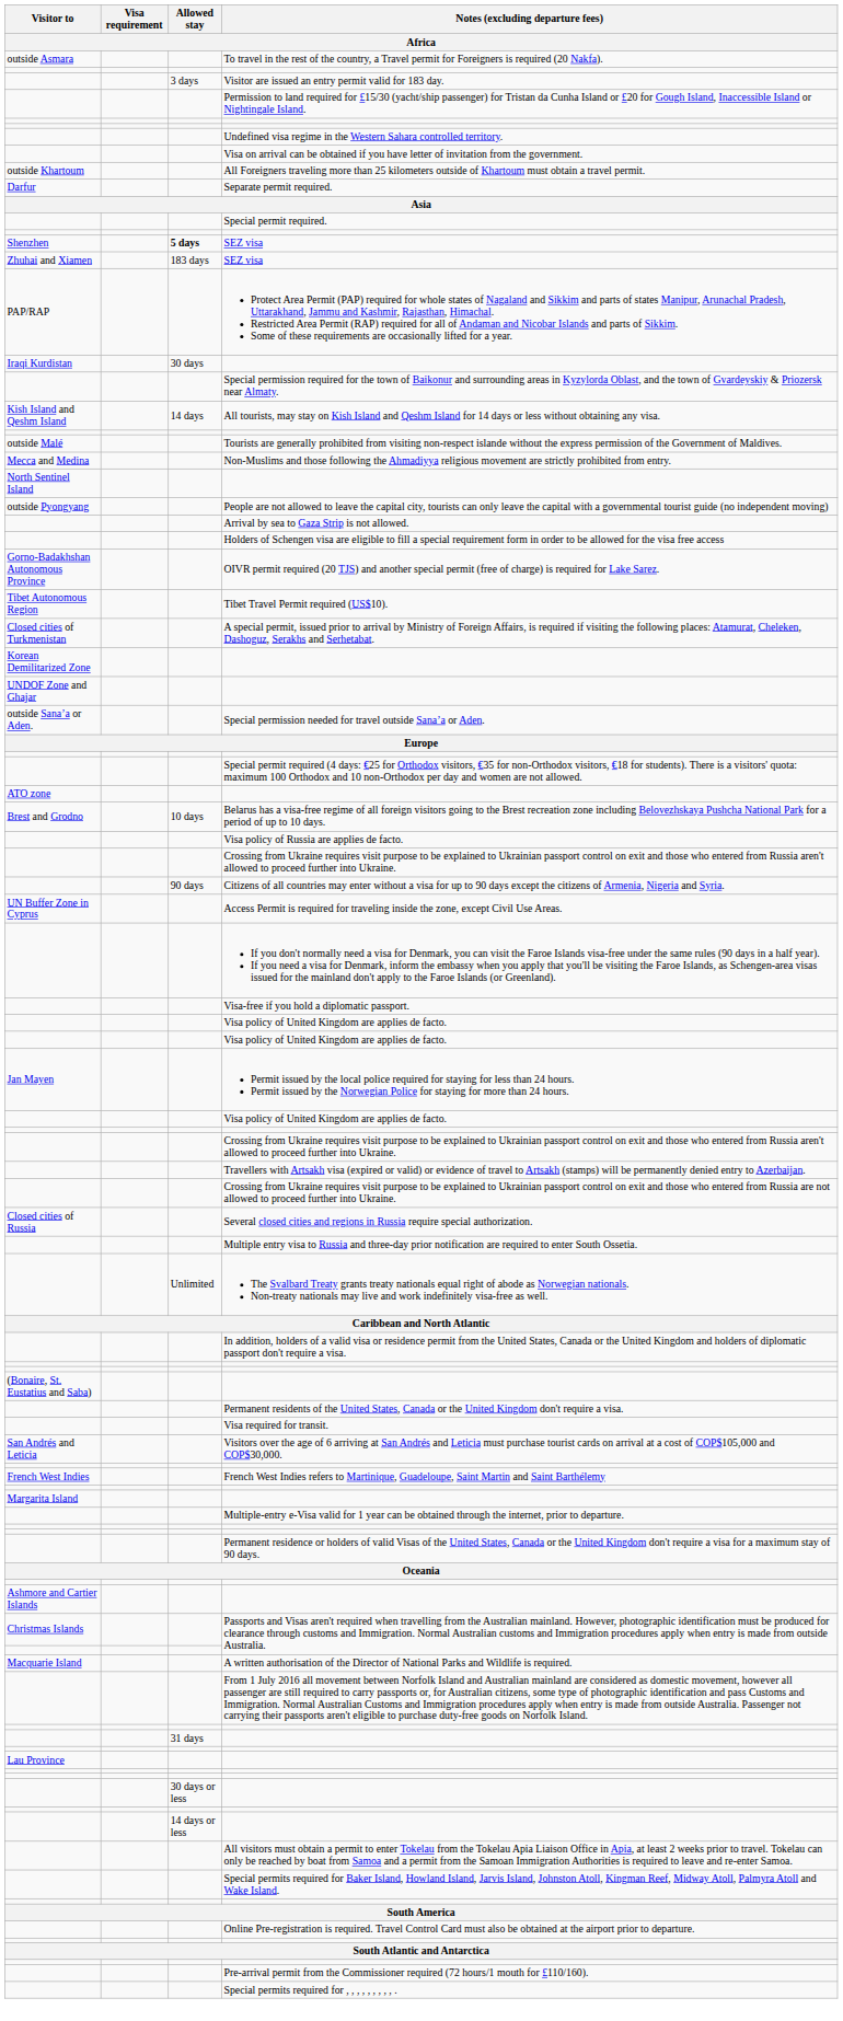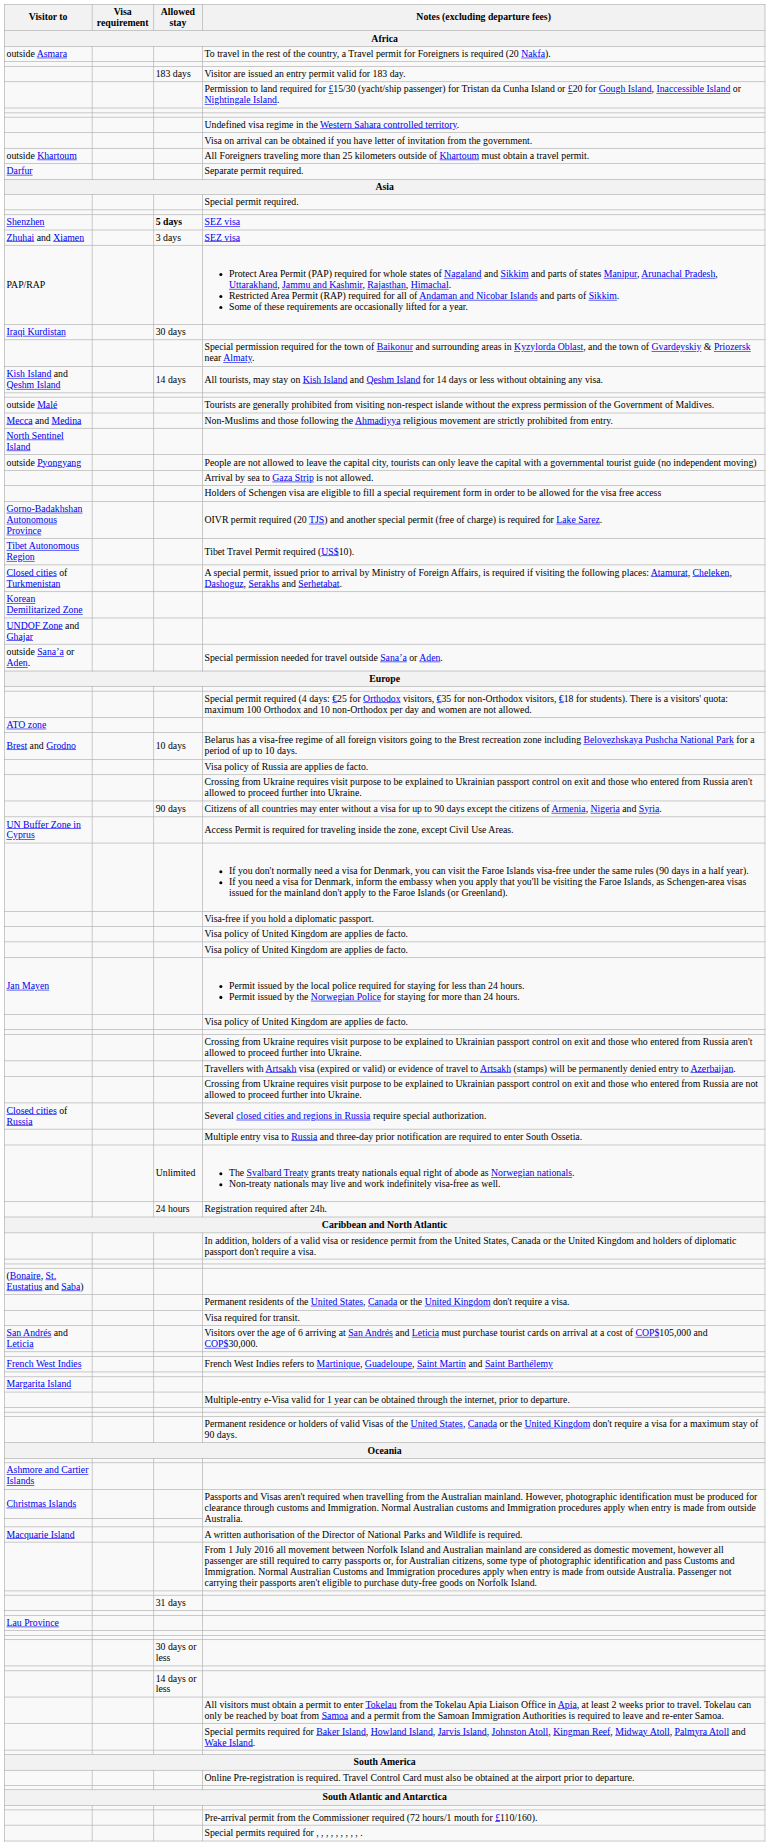 <table class="wikitable" style="text-align: left; table-layout: fixed; ">
 <tr>
 <th>Visitor to</th>
 <th>Visa requirement</th>
 <th>Allowed stay</th>
 <th>Notes (excluding departure fees)</th>
 </tr>
 <tr>
 <th colspan="4">Africa</th>
 </tr>
 <tr>
 <td> outside <a href='#'>Asmara</a></td>
 <td></td>
 <td></td>
 <td>To travel in the rest of the country, a Travel permit for Foreigners is required (20 <a href='#'>Nakfa</a>).</td>
 </tr>
 <tr>
 <td></td>
 <td></td>
 <td></td>
 <td></td>
 </tr>
 <tr>
 <td></td>
 <td></td>
-<td>3 days</td>
+<td>183 days</td>
 <td>Visitor are issued an entry permit valid for 183 day.</td>
 </tr>
 <tr>
 <td></td>
 <td></td>
 <td></td>
 <td>Permission to land required for <a href='#'>£</a>15/30 (yacht/ship passenger) for Tristan da Cunha Island or <a href='#'>£</a>20 for <a href='#'>Gough Island</a>, <a href='#'>Inaccessible Island</a> or <a href='#'>Nightingale Island</a>.</td>
 </tr>
 <tr>
 <td></td>
 <td></td>
 <td></td>
 <td></td>
 </tr>
 <tr>
 <td></td>
 <td></td>
 <td></td>
 <td></td>
 </tr>
 <tr>
 <td></td>
 <td></td>
 <td></td>
 <td>Undefined visa regime in the <a href='#'>Western Sahara controlled territory</a>.</td>
 </tr>
 <tr>
 <td></td>
 <td></td>
 <td></td>
 <td>Visa on arrival can be obtained if you have letter of invitation from the government.</td>
 </tr>
 <tr>
 <td> outside <a href='#'>Khartoum</a></td>
 <td></td>
 <td></td>
 <td>All Foreigners traveling more than 25 kilometers outside of <a href='#'>Khartoum</a> must obtain a travel permit.</td>
 </tr>
 <tr>
 <td> <a href='#'>Darfur</a></td>
 <td></td>
 <td></td>
 <td>Separate permit required.</td>
 </tr>
 <tr>
 <th colspan="4">Asia</th>
 </tr>
 <tr>
 <td></td>
 <td></td>
 <td></td>
 <td>Special permit required.</td>
 </tr>
 <tr>
 <td></td>
 <td></td>
 <td></td>
 <td></td>
 </tr>
 <tr>
 <td> <a href='#'>Shenzhen</a></td>
 <td></td>
 <td><strong>5 days</strong></td>
 <td><a href='#'>SEZ visa</a></td>
 </tr>
 <tr>
 <td> <a href='#'>Zhuhai</a> and <a href='#'>Xiamen</a></td>
 <td></td>
-<td>183 days</td>
+<td>3 days</td>
 <td><a href='#'>SEZ visa</a></td>
 </tr>
 <tr>
 <td> PAP/RAP</td>
 <td></td>
 <td></td>
 <td><br><ul><li>Protect Area Permit (PAP) required for whole states of <a href='#'>Nagaland</a> and <a href='#'>Sikkim</a> and parts of states <a href='#'>Manipur</a>, <a href='#'>Arunachal Pradesh</a>, <a href='#'>Uttarakhand</a>, <a href='#'>Jammu and Kashmir</a>, <a href='#'>Rajasthan</a>, <a href='#'>Himachal</a>.</li><li>Restricted Area Permit (RAP) required for all of <a href='#'>Andaman and Nicobar Islands</a> and parts of <a href='#'>Sikkim</a>.</li><li>Some of these requirements are occasionally lifted for a year.</li></ul></td>
 </tr>
 <tr>
 <td><a href='#'>Iraqi Kurdistan</a></td>
 <td></td>
 <td>30 days </td>
 <td></td>
 </tr>
 <tr>
 <td></td>
 <td></td>
 <td></td>
 <td>Special permission required for the town of <a href='#'>Baikonur</a> and surrounding areas in <a href='#'>Kyzylorda Oblast</a>, and the town of <a href='#'>Gvardeyskiy</a> & <a href='#'>Priozersk</a> near <a href='#'>Almaty</a>.</td>
 </tr>
 <tr>
 <td> <a href='#'>Kish Island</a> and <a href='#'>Qeshm Island</a></td>
 <td></td>
 <td>14 days</td>
 <td>All tourists, may stay on <a href='#'>Kish Island</a> and <a href='#'>Qeshm Island</a> for 14 days or less without obtaining any visa.</td>
 </tr>
 <tr>
 <td></td>
 <td></td>
 <td></td>
 <td></td>
 </tr>
 <tr>
 <td> outside <a href='#'>Malé</a></td>
 <td></td>
 <td></td>
 <td>Tourists are generally prohibited from visiting non-respect islande without the express permission of the Government of Maldives.</td>
 </tr>
 <tr>
 <td> <a href='#'>Mecca</a> and <a href='#'>Medina</a></td>
 <td></td>
 <td></td>
 <td>Non-Muslims and those following the <a href='#'>Ahmadiyya</a> religious movement are strictly prohibited from entry.</td>
 </tr>
 <tr>
 <td> <a href='#'>North Sentinel Island</a></td>
 <td></td>
 <td></td>
 <td></td>
 </tr>
 <tr>
 <td> outside <a href='#'>Pyongyang</a></td>
 <td></td>
 <td></td>
 <td>People are not allowed to leave the capital city, tourists can only leave the capital with a governmental tourist guide (no independent moving)</td>
 </tr>
 <tr>
 <td></td>
 <td></td>
 <td></td>
 <td>Arrival by sea to <a href='#'>Gaza Strip</a> is not allowed.</td>
 </tr>
 <tr>
 <td></td>
 <td></td>
 <td></td>
 <td>Holders of Schengen visa are eligible to fill a special requirement form in order to be allowed for the visa free access</td>
 </tr>
 <tr>
 <td> <a href='#'>Gorno-Badakhshan Autonomous Province</a></td>
 <td></td>
 <td></td>
 <td>OIVR permit required (20 <a href='#'>TJS</a>) and another special permit (free of charge) is required for <a href='#'>Lake Sarez</a>.</td>
 </tr>
 <tr>
 <td> <a href='#'>Tibet Autonomous Region</a></td>
 <td></td>
 <td></td>
 <td>Tibet Travel Permit required (<a href='#'>US$</a>10).</td>
 </tr>
 <tr>
 <td> <a href='#'>Closed cities</a> of <a href='#'>Turkmenistan</a></td>
 <td></td>
 <td></td>
 <td>A special permit, issued prior to arrival by Ministry of Foreign Affairs, is required if visiting the following places: <a href='#'>Atamurat</a>, <a href='#'>Cheleken</a>, <a href='#'>Dashoguz</a>, <a href='#'>Serakhs</a> and <a href='#'>Serhetabat</a>.</td>
 </tr>
 <tr>
 <td> <a href='#'>Korean Demilitarized Zone</a></td>
 <td></td>
 <td></td>
 <td></td>
 </tr>
 <tr>
 <td> <a href='#'>UNDOF Zone</a> and <a href='#'>Ghajar</a></td>
 <td></td>
 <td></td>
 <td></td>
 </tr>
 <tr>
 <td> outside <a href='#'>Sana’a</a> or <a href='#'>Aden</a>.</td>
 <td></td>
 <td></td>
 <td>Special permission needed for travel outside <a href='#'>Sana’a</a> or <a href='#'>Aden</a>.</td>
 </tr>
 <tr>
 <th colspan="4">Europe</th>
 </tr>
 <tr>
 <td></td>
 <td></td>
 <td></td>
 <td></td>
 </tr>
 <tr>
 <td></td>
 <td></td>
 <td></td>
 <td>Special permit required (4 days: <a href='#'>€</a>25 for <a href='#'>Orthodox</a> visitors, <a href='#'>€</a>35 for non-Orthodox visitors, <a href='#'>€</a>18 for students). There is a visitors' quota: maximum 100 Orthodox and 10 non-Orthodox per day and women are not allowed.</td>
 </tr>
 <tr>
 <td> <a href='#'>ATO zone</a></td>
 <td></td>
 <td></td>
 <td></td>
 </tr>
 <tr>
 <td> <a href='#'>Brest</a> and <a href='#'>Grodno</a></td>
 <td></td>
 <td>10 days</td>
 <td>Belarus has a visa-free regime of all foreign visitors going to the Brest recreation zone including <a href='#'>Belovezhskaya Pushcha National Park</a> for a period of up to 10 days.</td>
 </tr>
 <tr>
 <td></td>
 <td></td>
 <td></td>
 <td>Visa policy of Russia are applies de facto.</td>
 </tr>
 <tr>
 <td></td>
 <td></td>
 <td></td>
 <td>Crossing from Ukraine requires visit purpose to be explained to Ukrainian passport control on exit and those who entered from Russia aren't allowed to proceed further into Ukraine.</td>
 </tr>
 <tr>
 <td></td>
 <td></td>
 <td>90 days</td>
 <td>Citizens of all countries may enter without a visa for up to 90 days except the citizens of <a href='#'>Armenia</a>, <a href='#'>Nigeria</a> and <a href='#'>Syria</a>.</td>
 </tr>
 <tr>
 <td> <a href='#'>UN Buffer Zone in Cyprus</a></td>
 <td></td>
 <td></td>
 <td>Access Permit is required for traveling inside the zone, except Civil Use Areas.</td>
 </tr>
 <tr>
 <td></td>
 <td></td>
 <td></td>
 <td><br><ul><li>If you don't normally need a visa for Denmark, you can visit the Faroe Islands visa-free under the same rules (90 days in a half year).</li><li>If you need a visa for Denmark, inform the embassy when you apply that you'll be visiting the Faroe Islands, as Schengen-area visas issued for the mainland don't apply to the Faroe Islands (or Greenland).</li></ul></td>
 </tr>
 <tr>
 <td></td>
 <td></td>
 <td></td>
 <td>Visa-free if you hold a diplomatic passport.</td>
 </tr>
 <tr>
 <td></td>
 <td></td>
 <td></td>
 <td>Visa policy of United Kingdom are applies de facto.</td>
 </tr>
 <tr>
 <td></td>
 <td></td>
 <td></td>
 <td>Visa policy of United Kingdom are applies de facto.</td>
 </tr>
 <tr>
 <td> <a href='#'>Jan Mayen</a></td>
 <td></td>
 <td></td>
 <td><br><ul><li>Permit issued by the local police required for staying for less than 24 hours.</li><li>Permit issued by the <a href='#'>Norwegian Police</a> for staying for more than 24 hours.</li></ul></td>
 </tr>
 <tr>
 <td></td>
 <td></td>
 <td></td>
 <td>Visa policy of United Kingdom are applies de facto.</td>
 </tr>
 <tr>
 <td></td>
 <td></td>
 <td></td>
 <td></td>
 </tr>
 <tr>
 <td></td>
 <td></td>
 <td></td>
 <td>Crossing from Ukraine requires visit purpose to be explained to Ukrainian passport control on exit and those who entered from Russia aren't allowed to proceed further into Ukraine.</td>
 </tr>
 <tr>
 <td></td>
 <td></td>
 <td></td>
 <td>Travellers with <a href='#'>Artsakh</a> visa (expired or valid) or evidence of travel to <a href='#'>Artsakh</a> (stamps) will be permanently denied entry to <a href='#'>Azerbaijan</a>.</td>
 </tr>
 <tr>
 <td></td>
 <td></td>
 <td></td>
 <td>Crossing from Ukraine requires visit purpose to be explained to Ukrainian passport control on exit and those who entered from Russia are not allowed to proceed further into Ukraine.</td>
 </tr>
 <tr>
 <td> <a href='#'>Closed cities</a> of <a href='#'>Russia</a></td>
 <td></td>
 <td></td>
 <td>Several <a href='#'>closed cities and regions in Russia</a> require special authorization.</td>
 </tr>
 <tr>
 <td></td>
 <td></td>
 <td></td>
 <td>Multiple entry visa to <a href='#'>Russia</a> and three-day prior notification are required to enter South Ossetia.</td>
 </tr>
 <tr>
 <td></td>
 <td></td>
 <td>Unlimited</td>
 <td><br><ul><li>The <a href='#'>Svalbard Treaty</a> grants treaty nationals equal right of abode as <a href='#'>Norwegian nationals</a>.</li><li>Non-treaty nationals may live and work indefinitely visa-free as well.</li></ul></td>
+</tr>
+<tr>
+<td></td>
+<td></td>
+<td>24 hours</td>
+<td>Registration required after 24h.</td>
 </tr>
 <tr>
 <th colspan="4">Caribbean and North Atlantic</th>
 </tr>
 <tr>
 <td></td>
 <td></td>
 <td></td>
 <td>In addition, holders of a valid visa or residence permit from the United States, Canada or the United Kingdom and holders of diplomatic passport don't require a visa.</td>
 </tr>
 <tr>
 <td></td>
 <td></td>
 <td></td>
 <td></td>
 </tr>
 <tr>
 <td></td>
 <td></td>
 <td></td>
 <td></td>
 </tr>
 <tr>
 <td> (<a href='#'>Bonaire</a>, <a href='#'>St. Eustatius</a> and <a href='#'>Saba</a>)</td>
 <td></td>
 <td></td>
 <td></td>
 </tr>
 <tr>
 <td></td>
 <td></td>
 <td></td>
 <td>Permanent residents of the <a href='#'>United States</a>, <a href='#'>Canada</a> or the <a href='#'>United Kingdom</a> don't require a visa.</td>
 </tr>
 <tr>
 <td></td>
 <td></td>
 <td></td>
 <td>Visa required for transit.</td>
 </tr>
 <tr>
 <td> <a href='#'>San Andrés</a> and <a href='#'>Leticia</a></td>
 <td></td>
 <td></td>
 <td>Visitors over the age of 6 arriving at <a href='#'>San Andrés</a> and <a href='#'>Leticia</a> must purchase tourist cards on arrival at a cost of <a href='#'>COP$</a>105,000 and <a href='#'>COP$</a>30,000.</td>
 </tr>
 <tr>
 <td></td>
 <td></td>
 <td></td>
 <td></td>
 </tr>
 <tr>
 <td> <a href='#'>French West Indies</a></td>
 <td></td>
 <td></td>
 <td>French West Indies refers to <a href='#'>Martinique</a>, <a href='#'>Guadeloupe</a>, <a href='#'>Saint Martin</a> and <a href='#'>Saint Barthélemy</a></td>
 </tr>
 <tr>
 <td></td>
 <td></td>
 <td></td>
 <td></td>
 </tr>
 <tr>
 <td> <a href='#'>Margarita Island</a></td>
 <td></td>
 <td></td>
 <td></td>
 </tr>
 <tr>
 <td></td>
 <td></td>
 <td></td>
 <td>Multiple-entry e-Visa valid for 1 year can be obtained through the internet, prior to departure.</td>
 </tr>
 <tr>
 <td></td>
 <td></td>
 <td></td>
 <td></td>
 </tr>
 <tr>
 <td></td>
 <td></td>
 <td></td>
 <td></td>
 </tr>
 <tr>
 <td></td>
 <td></td>
 <td></td>
 <td>Permanent residence or holders of valid Visas of the <a href='#'>United States</a>, <a href='#'>Canada</a> or the <a href='#'>United Kingdom</a> don't require a visa for a maximum stay of 90 days.</td>
 </tr>
 <tr>
 <th colspan="4">Oceania</th>
 </tr>
 <tr>
 <td></td>
 <td></td>
 <td></td>
 <td></td>
 </tr>
 <tr>
 <td> <a href='#'>Ashmore and Cartier Islands</a></td>
 <td></td>
 <td></td>
 <td></td>
 </tr>
 <tr>
 <td> <a href='#'>Christmas Islands</a></td>
 <td></td>
 <td></td>
 <td rowspan="2" style="align: left">Passports and Visas aren't required when travelling from the Australian mainland. However, photographic identification must be produced for clearance through customs and Immigration. Normal Australian customs and Immigration procedures apply when entry is made from outside Australia.</td>
 </tr>
 <tr>
 <td></td>
 <td></td>
 <td></td>
 </tr>
 <tr>
 <td> <a href='#'>Macquarie Island</a></td>
 <td></td>
 <td></td>
 <td>A written authorisation of the Director of National Parks and Wildlife is required.</td>
 </tr>
 <tr>
 <td></td>
 <td></td>
 <td></td>
 <td>From 1 July 2016 all movement between Norfolk Island and Australian mainland are considered as domestic movement, however all passenger are still required to carry passports or, for Australian citizens, some type of photographic identification and pass Customs and Immigration. Normal Australian Customs and Immigration procedures apply when entry is made from outside Australia. Passenger not carrying their passports aren't eligible to purchase duty-free goods on Norfolk Island.</td>
 </tr>
 <tr>
 <td></td>
 <td></td>
 <td></td>
 <td></td>
 </tr>
 <tr>
 <td></td>
 <td></td>
 <td>31 days</td>
 <td></td>
 </tr>
 <tr>
 <td></td>
 <td></td>
 <td></td>
 <td></td>
 </tr>
 <tr>
 <td> <a href='#'>Lau Province</a></td>
 <td></td>
 <td></td>
 <td></td>
 </tr>
 <tr>
 <td></td>
 <td></td>
 <td></td>
 <td></td>
 </tr>
 <tr>
 <td></td>
 <td></td>
 <td></td>
 <td></td>
 </tr>
 <tr>
 <td></td>
 <td></td>
 <td>30 days or less</td>
 <td></td>
 </tr>
 <tr>
 <td></td>
 <td></td>
 <td></td>
 <td></td>
 </tr>
 <tr>
 <td></td>
 <td></td>
 <td>14 days or less</td>
 <td></td>
 </tr>
 <tr>
 <td></td>
 <td></td>
 <td></td>
 <td>All visitors must obtain a permit to enter <a href='#'>Tokelau</a> from the Tokelau Apia Liaison Office in <a href='#'>Apia</a>, at least 2 weeks prior to travel. Tokelau can only be reached by boat from <a href='#'>Samoa</a> and a permit from the Samoan Immigration Authorities is required to leave and re-enter Samoa.</td>
 </tr>
 <tr>
 <td></td>
 <td></td>
 <td></td>
 <td>Special permits required for <a href='#'>Baker Island</a>, <a href='#'>Howland Island</a>, <a href='#'>Jarvis Island</a>, <a href='#'>Johnston Atoll</a>, <a href='#'>Kingman Reef</a>, <a href='#'>Midway Atoll</a>, <a href='#'>Palmyra Atoll</a> and <a href='#'>Wake Island</a>.</td>
 </tr>
 <tr>
 <td></td>
 <td></td>
 <td></td>
 <td></td>
 </tr>
 <tr>
 <th colspan="4">South America</th>
 </tr>
 <tr>
 <td></td>
 <td></td>
 <td></td>
 <td>Online Pre-registration is required. Travel Control Card must also be obtained at the airport prior to departure.</td>
 </tr>
 <tr>
 <td></td>
 <td></td>
 <td></td>
 <td></td>
 </tr>
 <tr>
 <th colspan="4">South Atlantic and Antarctica</th>
 </tr>
 <tr>
 <td></td>
 <td></td>
 <td></td>
 <td></td>
 </tr>
 <tr>
 <td></td>
 <td></td>
 <td></td>
 <td>Pre-arrival permit from the Commissioner required (72 hours/1 mouth for <a href='#'>£</a>110/160).</td>
 </tr>
 <tr>
 <td></td>
 <td></td>
 <td></td>
 <td>Special permits required for , , , , , , , , , .</td>
 </tr>
 </table>
